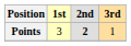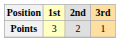 <table class="wikitable" style="font-size:85%; text-align:center">
 <tr>
 <th>Position</th>
 <td style="background:#ffffbf;"> <strong>1st</strong> </td>
 <td style="background:#dfdfdf;"> <strong>2nd</strong> </td>
 <td style="background:#ffdf9f;"> <strong>3rd</strong> </td>
 </tr>
 <tr>
 <th>Points</th>
 <td style="background:#ffffbf;">3</td>
-<td style="background:#dfdfdf;"><strong>2</strong></td>
+<td style="background:#dfdfdf;">2</td>
 <td style="background:#ffdf9f;">1</td>
 </tr>
 <tr>
 </tr>
 </table>
